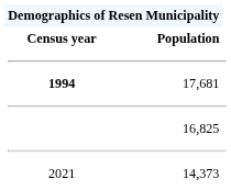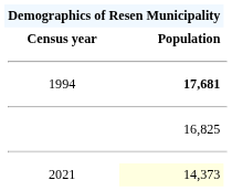 <table class="toccolours" align="center" cellpadding="4" cellspacing="0" style="margin:0 0 1em 1em; font-size: 95%;">
 <tr>
 <th colspan=2 bgcolor="#F0F8FF" align="center">Demographics of <strong>Resen Municipality</strong></th>
 <th></th>
 </tr>
 <tr>
 <th align="center">Census year</th>
 <th align="right">Population</th>
 </tr>
 <tr>
 <td colspan=3><hr></td>
 </tr>
 <tr>
-<td align="center"><strong>1994</strong></td>
-<td align="right">17,681</td>
+<td align="center">1994</td>
+<td align="right"><strong>17,681</strong></td>
 </tr>
 <tr>
 <td colspan=3><hr></td>
 </tr>
 <tr>
 <td align="center"></td>
 <td align="right">16,825</td>
 </tr>
 <tr>
 <td colspan=3><hr></td>
 </tr>
 <tr>
 <td align="center">2021</td>
-<td align="right">14,373</td>
+<td align="right" style="background: lightyellow;">14,373</td>
 </tr>
 <tr>
 </tr>
 </table>
